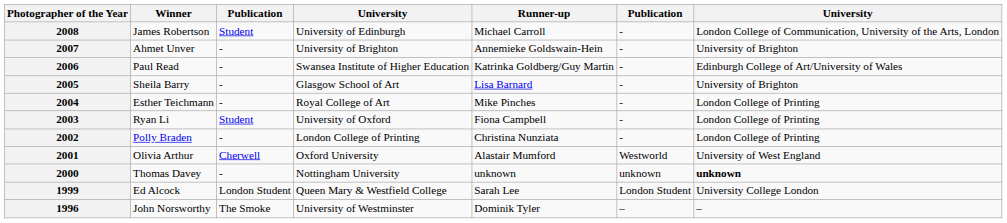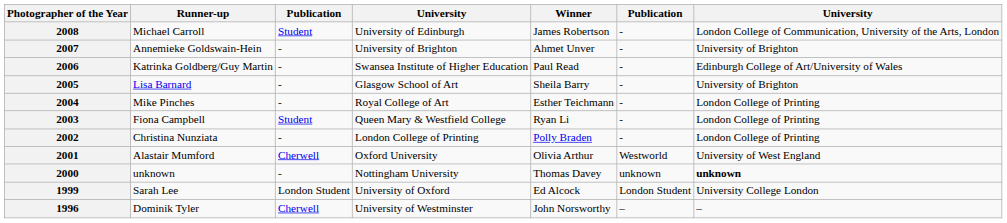 <table class="wikitable" style="font-align: center">
 <tr>
 <th>Photographer of the Year</th>
-<th>Winner</th>
+<th>Runner-up</th>
 <th>Publication</th>
 <th>University</th>
-<th>Runner-up</th>
+<th>Winner</th>
 <th>Publication</th>
 <th>University</th>
 </tr>
 <tr>
 <th>2008</th>
-<td>James Robertson</td>
+<td>Michael Carroll</td>
 <td><a href='#'>Student</a></td>
 <td>University of Edinburgh</td>
-<td>Michael Carroll</td>
+<td>James Robertson</td>
 <td>-</td>
 <td>London College of Communication, University of the Arts, London</td>
 </tr>
 <tr>
 <th>2007</th>
-<td>Ahmet Unver</td>
+<td>Annemieke Goldswain-Hein</td>
 <td>-</td>
 <td>University of Brighton</td>
-<td>Annemieke Goldswain-Hein</td>
+<td>Ahmet Unver</td>
 <td>-</td>
 <td>University of Brighton</td>
 </tr>
 <tr>
 <th>2006</th>
-<td>Paul Read</td>
+<td>Katrinka Goldberg/Guy Martin</td>
 <td>-</td>
 <td>Swansea Institute of Higher Education</td>
-<td>Katrinka Goldberg/Guy Martin</td>
+<td>Paul Read</td>
 <td>-</td>
 <td>Edinburgh College of Art/University of Wales</td>
 </tr>
 <tr>
 <th>2005</th>
-<td>Sheila Barry</td>
+<td><a href='#'>Lisa Barnard</a></td>
 <td>-</td>
 <td>Glasgow School of Art</td>
-<td><a href='#'>Lisa Barnard</a></td>
+<td>Sheila Barry</td>
 <td>-</td>
 <td>University of Brighton</td>
 </tr>
 <tr>
 <th>2004</th>
-<td>Esther Teichmann</td>
+<td>Mike Pinches</td>
 <td>-</td>
 <td>Royal College of Art</td>
-<td>Mike Pinches</td>
+<td>Esther Teichmann</td>
 <td>-</td>
 <td>London College of Printing</td>
 </tr>
 <tr>
 <th>2003</th>
+<td>Fiona Campbell</td>
+<td><a href='#'>Student</a></td>
+<td>Queen Mary & Westfield College</td>
 <td>Ryan Li</td>
-<td><a href='#'>Student</a></td>
-<td>University of Oxford</td>
-<td>Fiona Campbell</td>
 <td>-</td>
 <td>London College of Printing</td>
 </tr>
 <tr>
 <th>2002</th>
-<td><a href='#'>Polly Braden</a></td>
+<td>Christina Nunziata</td>
 <td>-</td>
 <td>London College of Printing</td>
-<td>Christina Nunziata</td>
+<td><a href='#'>Polly Braden</a></td>
 <td>-</td>
 <td>London College of Printing</td>
 </tr>
 <tr>
 <th>2001</th>
-<td>Olivia Arthur</td>
+<td>Alastair Mumford</td>
 <td><a href='#'>Cherwell</a></td>
 <td>Oxford University</td>
-<td>Alastair Mumford</td>
+<td>Olivia Arthur</td>
 <td>Westworld</td>
 <td>University of West England</td>
 </tr>
 <tr>
 <th>2000</th>
-<td>Thomas Davey</td>
+<td>unknown</td>
 <td>-</td>
 <td>Nottingham University</td>
-<td>unknown</td>
+<td>Thomas Davey</td>
 <td>unknown</td>
 <td><strong>unknown</strong></td>
 </tr>
 <tr>
 <th>1999</th>
+<td>Sarah Lee</td>
+<td>London Student</td>
+<td>University of Oxford</td>
 <td>Ed Alcock</td>
-<td>London Student</td>
-<td>Queen Mary & Westfield College</td>
-<td>Sarah Lee</td>
 <td>London Student</td>
 <td>University College London</td>
 </tr>
 <tr>
 <th>1996</th>
+<td>Dominik Tyler</td>
+<td><a href='#'>Cherwell</a></td>
+<td>University of Westminster</td>
 <td>John Norsworthy</td>
-<td>The Smoke</td>
-<td>University of Westminster</td>
-<td>Dominik Tyler</td>
 <td>–</td>
 <td>–</td>
 </tr>
 </table>
